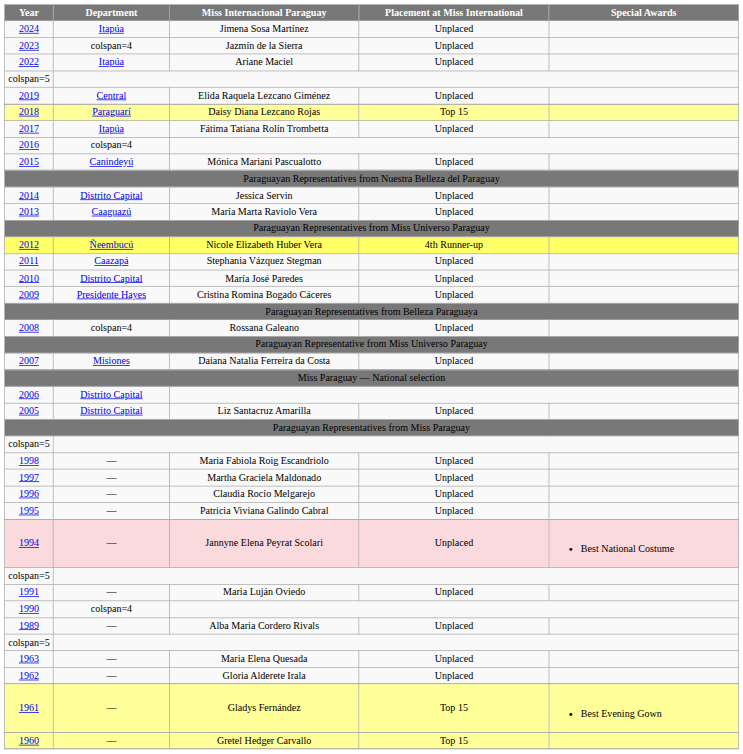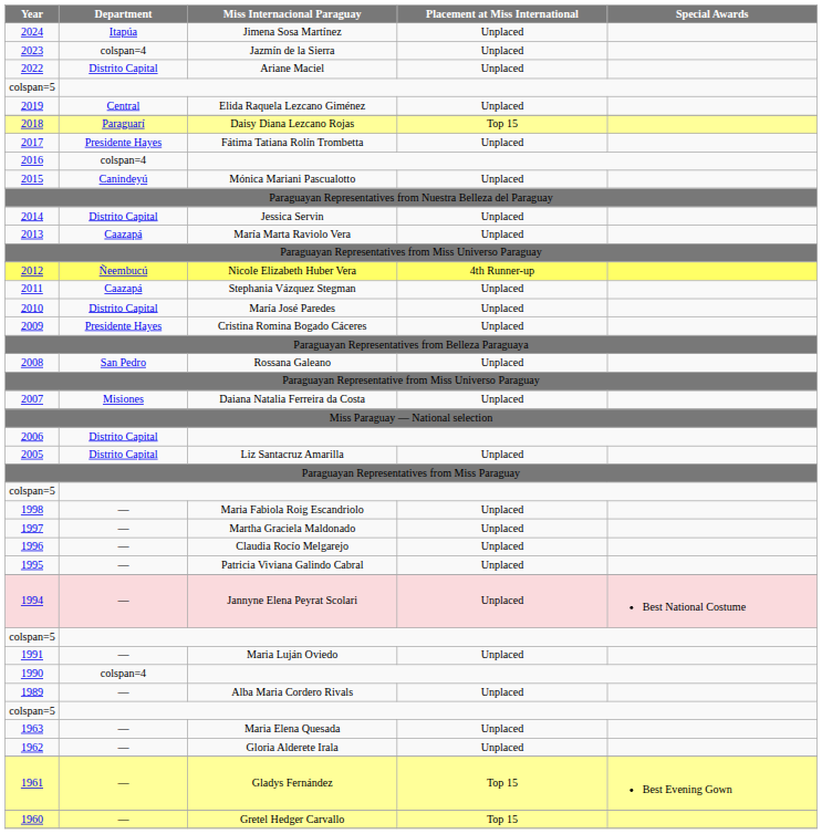 <table class="wikitable " style="font-size: 85%; text-align:center">
 <tr>
 <th width="60" style="background-color:#787878;color:#FFFFFF;">Year</th>
 <th width="150" style="background-color:#787878;color:#FFFFFF;">Department</th>
 <th width="250" style="background-color:#787878;color:#FFFFFF;">Miss Internacional Paraguay</th>
 <th width="250" style="background-color:#787878;color:#FFFFFF;">Placement at Miss International</th>
 <th width="250" style="background-color:#787878;color:#FFFFFF;">Special Awards</th>
 </tr>
 <tr>
 <td><a href='#'>2024</a></td>
 <td><a href='#'>Itapúa</a></td>
 <td>Jimena Sosa Martínez</td>
 <td>Unplaced</td>
 <td></td>
 </tr>
 <tr>
 <td><a href='#'>2023</a></td>
 <td>colspan=4 </td>
 <td>Jazmín de la Sierra</td>
 <td>Unplaced</td>
 <td></td>
 </tr>
 <tr>
 <td><a href='#'>2022</a></td>
-<td><a href='#'>Itapúa</a></td>
+<td><a href='#'>Distrito Capital</a></td>
 <td>Ariane Maciel</td>
 <td>Unplaced</td>
 <td></td>
 </tr>
 <tr>
 <td>colspan=5 </td>
 </tr>
 <tr>
 <td><a href='#'>2019</a></td>
 <td><a href='#'>Central</a></td>
 <td>Elida Raquela Lezcano Giménez</td>
 <td>Unplaced</td>
 <td></td>
 </tr>
 <tr>
 </tr>
 <tr style="background-color:#FFFF99;">
 <td><a href='#'>2018</a></td>
 <td><a href='#'>Paraguarí</a></td>
 <td>Daisy Diana Lezcano Rojas</td>
 <td>Top 15</td>
 <td></td>
 </tr>
 <tr>
 <td><a href='#'>2017</a></td>
-<td><a href='#'>Itapúa</a></td>
+<td><a href='#'>Presidente Hayes</a></td>
 <td>Fátima Tatiana Rolín Trombetta</td>
 <td>Unplaced</td>
 <td></td>
 </tr>
 <tr>
 <td><a href='#'>2016</a></td>
 <td>colspan=4 </td>
 </tr>
 <tr>
 <td><a href='#'>2015</a></td>
 <td><a href='#'>Canindeyú</a></td>
 <td>Mónica Mariani Pascualotto</td>
 <td>Unplaced</td>
 <td></td>
 </tr>
 <tr>
 </tr>
 <tr bgcolor="#787878" align="center">
 <td colspan="5"><span>Paraguayan Representatives from Nuestra Belleza del Paraguay</span></td>
 </tr>
 <tr>
 <td><a href='#'>2014</a></td>
 <td><a href='#'>Distrito Capital</a></td>
 <td>Jessica Servin</td>
 <td>Unplaced</td>
 <td></td>
 </tr>
 <tr>
 <td><a href='#'>2013</a></td>
-<td><a href='#'>Caaguazú</a></td>
+<td><a href='#'>Caazapá</a></td>
 <td>María Marta Raviolo Vera</td>
 <td>Unplaced</td>
 <td></td>
 </tr>
 <tr>
 </tr>
 <tr bgcolor="#787878" align="center">
 <td colspan="5"><span>Paraguayan Representatives from Miss Universo Paraguay</span></td>
 </tr>
 <tr>
 </tr>
 <tr style="background-color:#FFFF66;">
 <td><a href='#'>2012</a></td>
 <td><a href='#'>Ñeembucú</a></td>
 <td>Nicole Elizabeth Huber Vera</td>
 <td>4th Runner-up</td>
 <td></td>
 </tr>
 <tr>
 <td><a href='#'>2011</a></td>
 <td><a href='#'>Caazapá</a></td>
 <td>Stephania Vázquez Stegman</td>
 <td>Unplaced</td>
 <td></td>
 </tr>
 <tr>
 <td><a href='#'>2010</a></td>
 <td><a href='#'>Distrito Capital</a></td>
 <td>María José Paredes</td>
 <td>Unplaced</td>
 <td></td>
 </tr>
 <tr>
 <td><a href='#'>2009</a></td>
 <td><a href='#'>Presidente Hayes</a></td>
 <td>Cristina Romina Bogado Cáceres</td>
 <td>Unplaced</td>
 <td></td>
 </tr>
 <tr>
 </tr>
 <tr bgcolor="#787878" align="center">
 <td colspan="5"><span>Paraguayan Representatives from Belleza Paraguaya</span></td>
 </tr>
 <tr>
 <td><a href='#'>2008</a></td>
-<td>colspan=4 </td>
+<td><a href='#'>San Pedro</a></td>
 <td>Rossana Galeano</td>
 <td>Unplaced</td>
 <td></td>
 </tr>
 <tr>
 </tr>
 <tr bgcolor="#787878" align="center">
 <td colspan="5"><span>Paraguayan Representative from Miss Universo Paraguay</span></td>
 </tr>
 <tr>
 <td><a href='#'>2007</a></td>
 <td><a href='#'>Misiones</a></td>
 <td>Daiana Natalia Ferreira da Costa</td>
 <td>Unplaced</td>
 <td></td>
 </tr>
 <tr>
 </tr>
 <tr bgcolor="#787878" align="center">
 <td colspan="5"><span>Miss Paraguay — National selection</span></td>
 </tr>
 <tr>
 <td><a href='#'>2006</a></td>
 <td><a href='#'>Distrito Capital</a></td>
 </tr>
 <tr>
 <td><a href='#'>2005</a></td>
 <td><a href='#'>Distrito Capital</a></td>
 <td>Liz Santacruz Amarilla</td>
 <td>Unplaced</td>
 <td></td>
 </tr>
 <tr>
 </tr>
 <tr bgcolor="#787878" align="center">
 <td colspan="5"><span>Paraguayan Representatives from Miss Paraguay</span></td>
 </tr>
 <tr>
 <td>colspan=5 </td>
 </tr>
 <tr>
 <td><a href='#'>1998</a></td>
 <td>—</td>
 <td>Maria Fabiola Roig Escandriolo</td>
 <td>Unplaced</td>
 <td></td>
 </tr>
 <tr>
 <td><a href='#'>1997</a></td>
 <td>—</td>
 <td>Martha Graciela Maldonado</td>
 <td>Unplaced</td>
 <td></td>
 </tr>
 <tr>
 <td><a href='#'>1996</a></td>
 <td>—</td>
 <td>Claudia Rocío Melgarejo</td>
 <td>Unplaced</td>
 <td></td>
 </tr>
 <tr>
 <td><a href='#'>1995</a></td>
 <td>—</td>
 <td>Patricia Viviana Galindo Cabral</td>
 <td>Unplaced</td>
 <td></td>
 </tr>
 <tr>
 </tr>
 <tr style="background-color:#FADADD;">
 <td><a href='#'>1994</a></td>
 <td>—</td>
 <td>Jannyne Elena Peyrat Scolari</td>
 <td>Unplaced</td>
 <td align="left"><br><ul><li>Best National Costume</li></ul></td>
 </tr>
 <tr>
 <td>colspan=5 </td>
 </tr>
 <tr>
 <td><a href='#'>1991</a></td>
 <td>—</td>
 <td>Maria Luján Oviedo</td>
 <td>Unplaced</td>
 <td></td>
 </tr>
 <tr>
 <td><a href='#'>1990</a></td>
 <td>colspan=4 </td>
 </tr>
 <tr>
 <td><a href='#'>1989</a></td>
 <td>—</td>
 <td>Alba Maria Cordero Rivals</td>
 <td>Unplaced</td>
 <td></td>
 </tr>
 <tr>
 <td>colspan=5 </td>
 </tr>
 <tr>
 <td><a href='#'>1963</a></td>
 <td>—</td>
 <td>Maria Elena Quesada</td>
 <td>Unplaced</td>
 <td></td>
 </tr>
 <tr>
 <td><a href='#'>1962</a></td>
 <td>—</td>
 <td>Gloria Alderete Irala</td>
 <td>Unplaced</td>
 <td></td>
 </tr>
 <tr>
 </tr>
 <tr style="background-color:#FFFF99;">
 <td><a href='#'>1961</a></td>
 <td>—</td>
 <td>Gladys Fernández</td>
 <td>Top 15</td>
 <td align="left"><br><ul><li>Best Evening Gown</li></ul></td>
 </tr>
 <tr>
 </tr>
 <tr style="background-color:#FFFF99;">
 <td><a href='#'>1960</a></td>
 <td>—</td>
 <td>Gretel Hedger Carvallo</td>
 <td>Top 15</td>
 <td></td>
 </tr>
 <tr>
 </tr>
 </table>
